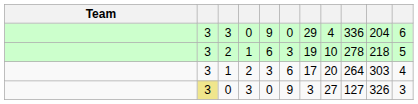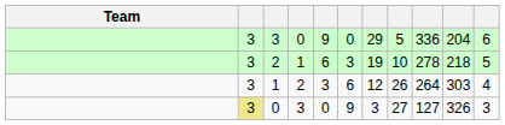 <table class=wikitable style="text-align:center">
 <tr>
 <th width=250>Team</th>
 <th width=20></th>
 <th width=20></th>
 <th width=20></th>
 <th width=20></th>
 <th width=20></th>
 <th width=20></th>
 <th width=20></th>
 <th width=20></th>
 <th width=20></th>
 <th width=20></th>
 </tr>
 <tr style="background-color:#ccffcc;">
 <td style="text-align:left;"></td>
 <td>3</td>
 <td>3</td>
 <td>0</td>
 <td>9</td>
 <td>0</td>
 <td>29</td>
-<td>4</td>
+<td>5</td>
 <td>336</td>
 <td>204</td>
 <td>6</td>
 </tr>
 <tr style="background-color:#ccffcc;">
 <td style="text-align:left;"></td>
 <td>3</td>
 <td>2</td>
 <td>1</td>
 <td>6</td>
 <td>3</td>
 <td>19</td>
 <td>10</td>
 <td>278</td>
 <td>218</td>
 <td>5</td>
 </tr>
 <tr>
 <td style="text-align:left;"></td>
 <td>3</td>
 <td>1</td>
 <td>2</td>
 <td>3</td>
 <td>6</td>
-<td>17</td>
-<td>20</td>
+<td>12</td>
+<td>26</td>
 <td>264</td>
 <td>303</td>
 <td>4</td>
 </tr>
 <tr>
 <td style="text-align:left;"></td>
 <td style="background: khaki;">3</td>
 <td>0</td>
 <td>3</td>
 <td>0</td>
 <td>9</td>
 <td>3</td>
 <td>27</td>
 <td>127</td>
 <td>326</td>
 <td>3</td>
 </tr>
 </table>
